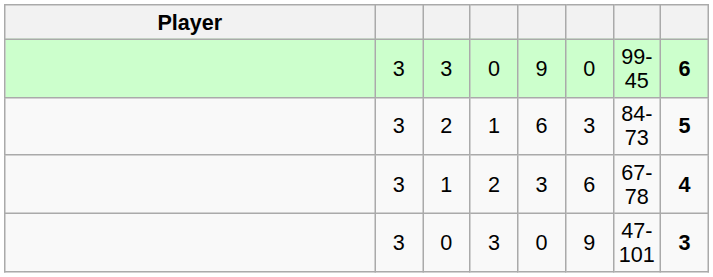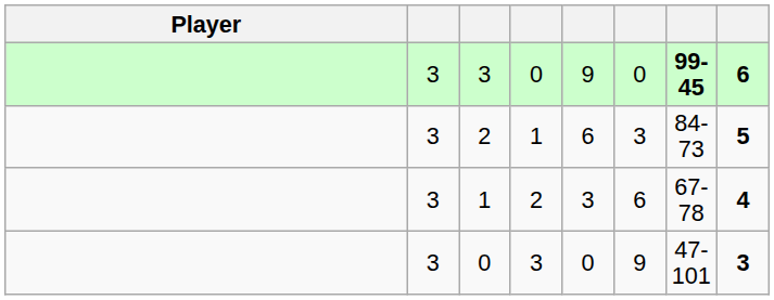 <table class="wikitable" style="text-align: center; font-size:90% ">
 <tr>
 <th width=240>Player</th>
 <th width=25></th>
 <th width=25></th>
 <th width=25></th>
 <th width=25></th>
 <th width=25></th>
 <th width=25></th>
 <th width=25></th>
 </tr>
 <tr bgcolor="ccffcc">
 <td align=left></td>
 <td>3</td>
 <td>3</td>
 <td>0</td>
 <td>9</td>
 <td>0</td>
-<td>99-45</td>
+<td><strong>99-45</strong></td>
 <td><strong>6</strong></td>
 </tr>
 <tr>
 <td align=left></td>
 <td>3</td>
 <td>2</td>
 <td>1</td>
 <td>6</td>
 <td>3</td>
 <td>84-73</td>
 <td><strong>5</strong></td>
 </tr>
 <tr>
 <td align=left></td>
 <td>3</td>
 <td>1</td>
 <td>2</td>
 <td>3</td>
 <td>6</td>
 <td>67-78</td>
 <td><strong>4</strong></td>
 </tr>
 <tr>
 <td align=left></td>
 <td>3</td>
 <td>0</td>
 <td>3</td>
 <td>0</td>
 <td>9</td>
 <td>47-101</td>
 <td><strong>3</strong></td>
 </tr>
 </table>
